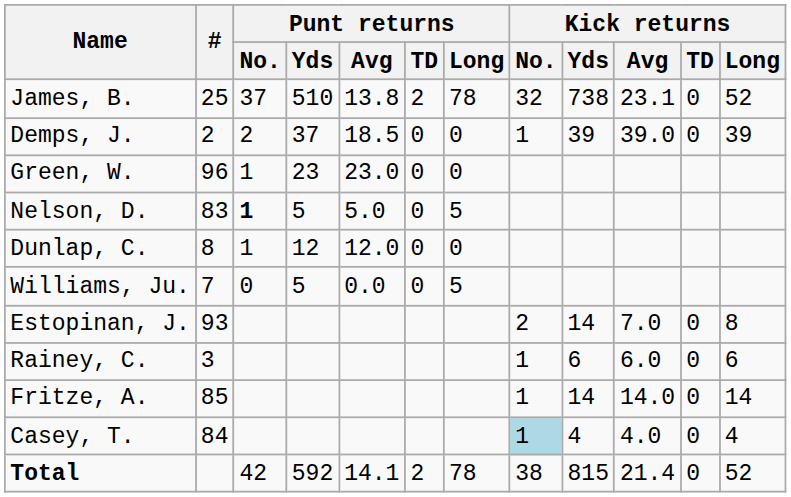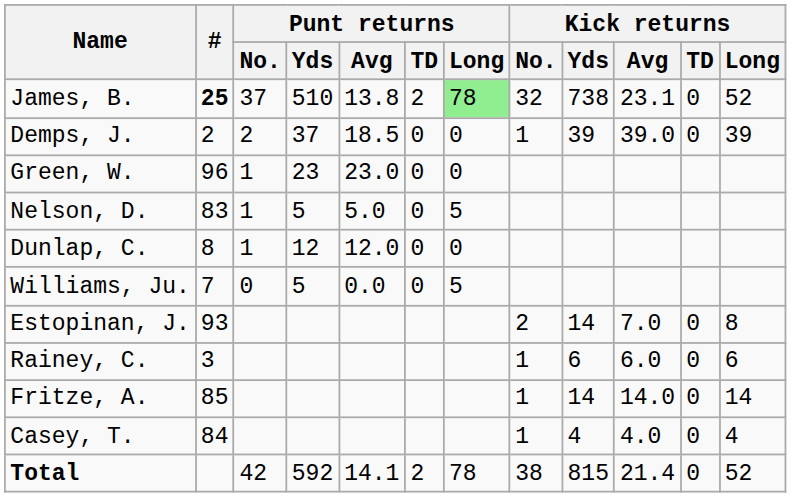 <table class="wikitable" style="white-space:nowrap">
 <tr>
 <th rowspan="2">Name</th>
 <th rowspan="2">#</th>
 <th colspan="5">Punt returns</th>
 <th colspan="5">Kick returns</th>
 </tr>
 <tr>
 <th>No.</th>
 <th>Yds</th>
 <th>Avg</th>
 <th>TD</th>
 <th>Long</th>
 <th>No.</th>
 <th>Yds</th>
 <th>Avg</th>
 <th>TD</th>
 <th>Long</th>
 </tr>
 <tr>
 <td>James, B.</td>
-<td>25</td>
+<td><strong>25</strong></td>
 <td>37</td>
 <td>510</td>
 <td>13.8</td>
 <td>2</td>
-<td>78</td>
+<td style="background: lightgreen;">78</td>
 <td>32</td>
 <td>738</td>
 <td>23.1</td>
 <td>0</td>
 <td>52</td>
 </tr>
 <tr>
 <td>Demps, J.</td>
 <td>2</td>
 <td>2</td>
 <td>37</td>
 <td>18.5</td>
 <td>0</td>
 <td>0</td>
 <td>1</td>
 <td>39</td>
 <td>39.0</td>
 <td>0</td>
 <td>39</td>
 </tr>
 <tr>
 <td>Green, W.</td>
 <td>96</td>
 <td>1</td>
 <td>23</td>
 <td>23.0</td>
 <td>0</td>
 <td>0</td>
 <td></td>
 <td></td>
 <td></td>
 <td></td>
 <td></td>
 </tr>
 <tr>
 <td>Nelson, D.</td>
 <td>83</td>
-<td><strong>1</strong></td>
+<td>1</td>
 <td>5</td>
 <td>5.0</td>
 <td>0</td>
 <td>5</td>
 <td></td>
 <td></td>
 <td></td>
 <td></td>
 <td></td>
 </tr>
 <tr>
 <td>Dunlap, C.</td>
 <td>8</td>
 <td>1</td>
 <td>12</td>
 <td>12.0</td>
 <td>0</td>
 <td>0</td>
 <td></td>
 <td></td>
 <td></td>
 <td></td>
 <td></td>
 </tr>
 <tr>
 <td>Williams, Ju.</td>
 <td>7</td>
 <td>0</td>
 <td>5</td>
 <td>0.0</td>
 <td>0</td>
 <td>5</td>
 <td></td>
 <td></td>
 <td></td>
 <td></td>
 <td></td>
 </tr>
 <tr>
 <td>Estopinan, J.</td>
 <td>93</td>
 <td></td>
 <td></td>
 <td></td>
 <td></td>
 <td></td>
 <td>2</td>
 <td>14</td>
 <td>7.0</td>
 <td>0</td>
 <td>8</td>
 </tr>
 <tr>
 <td>Rainey, C.</td>
 <td>3</td>
 <td></td>
 <td></td>
 <td></td>
 <td></td>
 <td></td>
 <td>1</td>
 <td>6</td>
 <td>6.0</td>
 <td>0</td>
 <td>6</td>
 </tr>
 <tr>
 <td>Fritze, A.</td>
 <td>85</td>
 <td></td>
 <td></td>
 <td></td>
 <td></td>
 <td></td>
 <td>1</td>
 <td>14</td>
 <td>14.0</td>
 <td>0</td>
 <td>14</td>
 </tr>
 <tr>
 <td>Casey, T.</td>
 <td>84</td>
 <td></td>
 <td></td>
 <td></td>
 <td></td>
 <td></td>
-<td style="background: lightblue;">1</td>
+<td>1</td>
 <td>4</td>
 <td>4.0</td>
 <td>0</td>
 <td>4</td>
 </tr>
 <tr>
 <td><strong>Total</strong></td>
 <td></td>
 <td>42</td>
 <td>592</td>
 <td>14.1</td>
 <td>2</td>
 <td>78</td>
 <td>38</td>
 <td>815</td>
 <td>21.4</td>
 <td>0</td>
 <td>52</td>
 </tr>
 </table>
